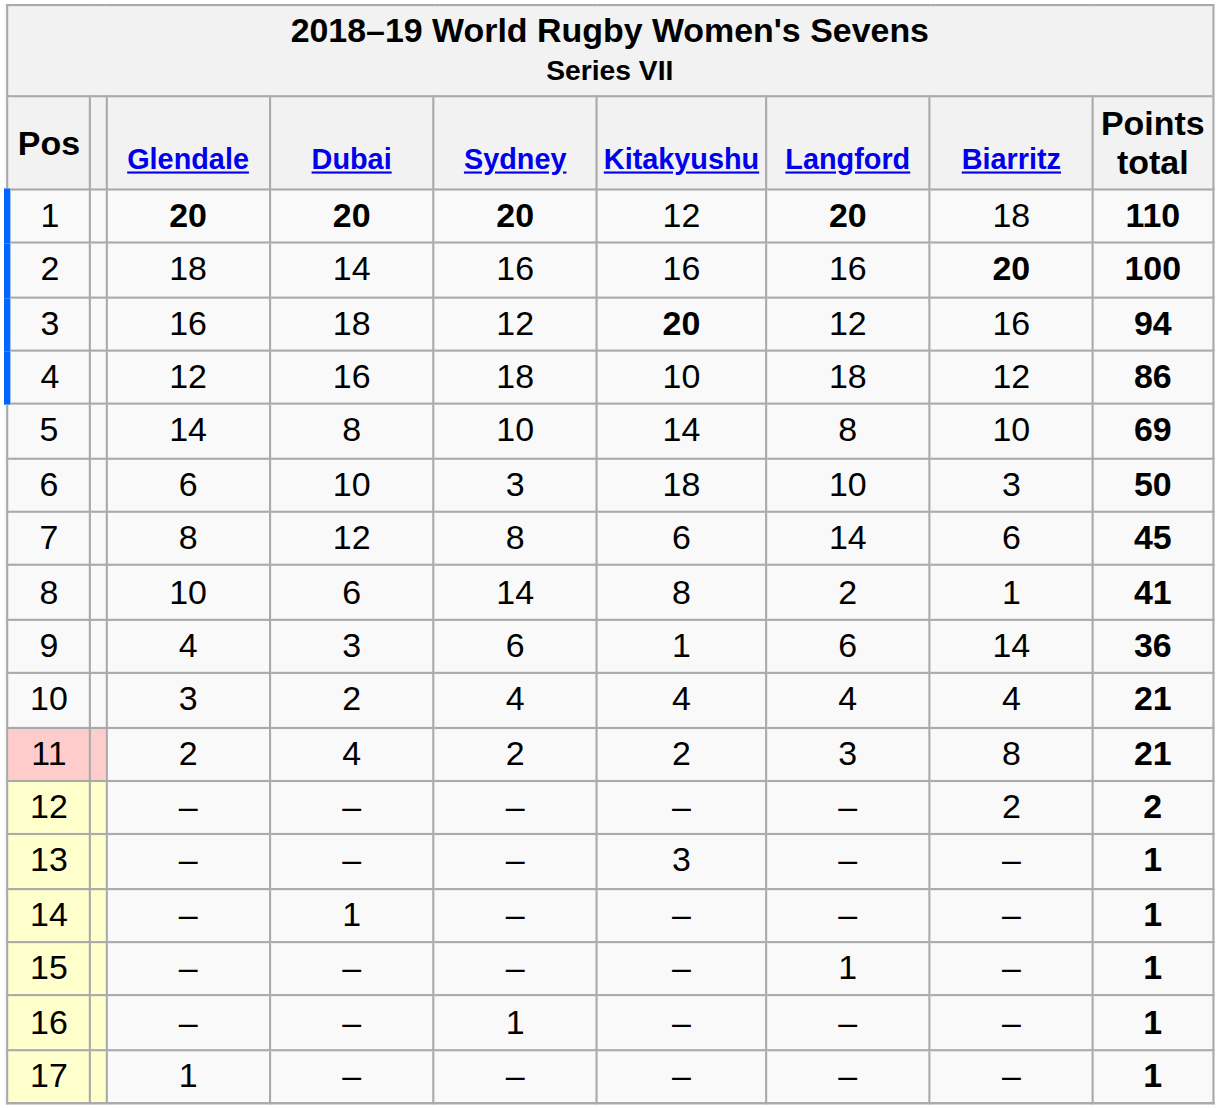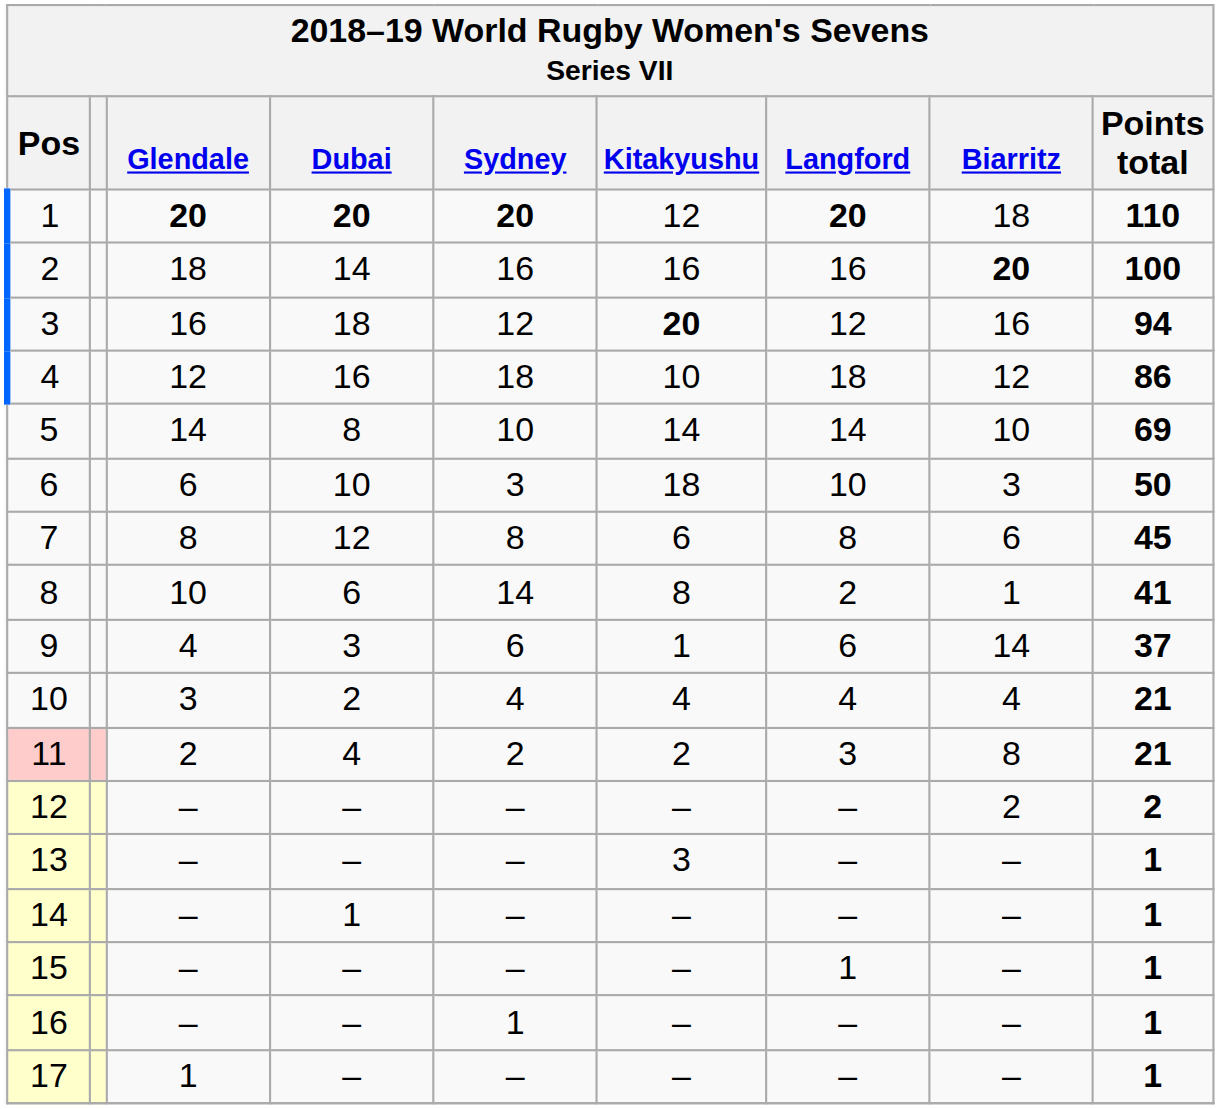 <table class="wikitable" style="text-align:center">
 <tr bgcolor="#efefef">
 <th colspan=13 style="border-right:0px;";>2018–19 World Rugby Women's Sevens<br><small>Series VII</small></th>
 </tr>
 <tr bgcolor="#efefef">
 <th style="width:2em;">Pos</th>
 <th></th>
 <th style="width:5.2em; font-size:85%;"><br><a href='#'>Glendale</a></th>
 <th style="width:5.2em; font-size:85%;"><br><a href='#'>Dubai</a></th>
 <th style="width:5.2em; font-size:85%;"><br><a href='#'>Sydney</a></th>
 <th style="width:5.2em; font-size:85%;"><br><a href='#'>Kitakyushu</a></th>
 <th style="width:5.2em; font-size:85%;"><br><a href='#'>Langford</a></th>
 <th style="width:5.2em; font-size:85%;"><br><a href='#'>Biarritz</a></th>
 <th>Points<br>total</th>
 </tr>
 <tr style="border-left:3px solid #06f;">
 <td>1</td>
 <td align=left></td>
 <td><strong>20</strong></td>
 <td><strong>20</strong></td>
 <td><strong>20</strong></td>
 <td>12</td>
 <td><strong>20</strong></td>
 <td>18</td>
 <td><strong>110</strong></td>
 </tr>
 <tr style="border-left:3px solid #06f;">
 <td>2</td>
 <td align=left></td>
 <td>18</td>
 <td>14</td>
 <td>16</td>
 <td>16</td>
 <td>16</td>
 <td><strong>20</strong></td>
 <td><strong>100</strong></td>
 </tr>
 <tr style="border-left:3px solid #06f;">
 <td>3</td>
 <td align=left></td>
 <td>16</td>
 <td>18</td>
 <td>12</td>
 <td><strong>20</strong></td>
 <td>12</td>
 <td>16</td>
 <td><strong>94</strong></td>
 </tr>
 <tr style="border-left:3px solid #06f;">
 <td>4</td>
 <td align=left></td>
 <td>12</td>
 <td>16</td>
 <td>18</td>
 <td>10</td>
 <td>18</td>
 <td>12</td>
 <td><strong>86</strong></td>
 </tr>
 <tr>
 <td>5</td>
 <td align=left></td>
 <td>14</td>
 <td>8</td>
 <td>10</td>
 <td>14</td>
-<td>8</td>
+<td>14</td>
 <td>10</td>
 <td><strong>69</strong></td>
 </tr>
 <tr>
 <td>6</td>
 <td align=left></td>
 <td>6</td>
 <td>10</td>
 <td>3</td>
 <td>18</td>
 <td>10</td>
 <td>3</td>
 <td><strong>50</strong></td>
 </tr>
 <tr>
 <td>7</td>
 <td align=left></td>
 <td>8</td>
 <td>12</td>
 <td>8</td>
 <td>6</td>
-<td>14</td>
+<td>8</td>
 <td>6</td>
 <td><strong>45</strong></td>
 </tr>
 <tr>
 <td>8</td>
 <td align=left></td>
 <td>10</td>
 <td>6</td>
 <td>14</td>
 <td>8</td>
 <td>2</td>
 <td>1</td>
 <td><strong>41</strong></td>
 </tr>
 <tr>
 <td>9</td>
 <td align=left></td>
 <td>4</td>
 <td>3</td>
 <td>6</td>
 <td>1</td>
 <td>6</td>
 <td>14</td>
-<td><strong>36</strong></td>
+<td><strong>37</strong></td>
 </tr>
 <tr>
 <td>10</td>
 <td align=left></td>
 <td>3</td>
 <td>2</td>
 <td>4</td>
 <td>4</td>
 <td>4</td>
 <td>4</td>
 <td><strong>21</strong></td>
 </tr>
 <tr>
 <td bgcolor=#fcc>11</td>
 <td bgcolor=#fcc align=left></td>
 <td>2</td>
 <td>4</td>
 <td>2</td>
 <td>2</td>
 <td>3</td>
 <td>8</td>
 <td><strong>21</strong></td>
 </tr>
 <tr>
 <td bgcolor=#ffc>12</td>
 <td bgcolor=#ffc align=left></td>
 <td>–</td>
 <td>–</td>
 <td>–</td>
 <td>–</td>
 <td>–</td>
 <td>2</td>
 <td><strong>2</strong></td>
 </tr>
 <tr>
 <td bgcolor=#ffc>13</td>
 <td bgcolor=#ffc align=left></td>
 <td>–</td>
 <td>–</td>
 <td>–</td>
 <td>3</td>
 <td>–</td>
 <td>–</td>
 <td><strong>1</strong></td>
 </tr>
 <tr>
 <td bgcolor=#ffc>14</td>
 <td bgcolor=#ffc align=left></td>
 <td>–</td>
 <td>1</td>
 <td>–</td>
 <td>–</td>
 <td>–</td>
 <td>–</td>
 <td><strong>1</strong></td>
 </tr>
 <tr>
 <td bgcolor=#ffc>15</td>
 <td bgcolor=#ffc align=left></td>
 <td>–</td>
 <td>–</td>
 <td>–</td>
 <td>–</td>
 <td>1</td>
 <td>–</td>
 <td><strong>1</strong></td>
 </tr>
 <tr>
 <td bgcolor=#ffc>16</td>
 <td bgcolor=#ffc align=left></td>
 <td>–</td>
 <td>–</td>
 <td>1</td>
 <td>–</td>
 <td>–</td>
 <td>–</td>
 <td><strong>1</strong></td>
 </tr>
 <tr>
 <td bgcolor=#ffc>17</td>
 <td bgcolor=#ffc align=left></td>
 <td>1</td>
 <td>–</td>
 <td>–</td>
 <td>–</td>
 <td>–</td>
 <td>–</td>
 <td><strong>1</strong></td>
 </tr>
 <tr>
 </tr>
 </table>
